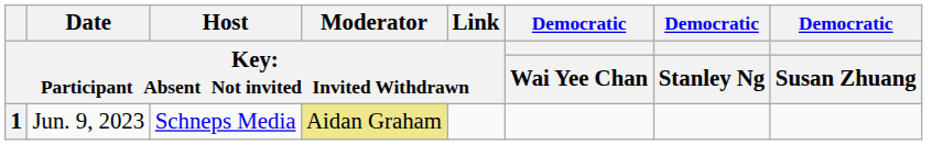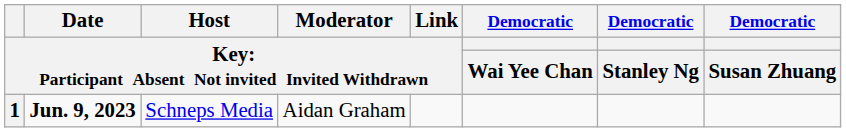 <table class="wikitable" style="text-align:center;">
 <tr>
 <th scope="col"></th>
 <th scope="col">Date</th>
 <th scope="col">Host</th>
 <th scope="col">Moderator</th>
 <th scope="col">Link</th>
 <th scope="col"><small><a href='#'>Democratic</a></small></th>
 <th scope="col"><small><a href='#'>Democratic</a></small></th>
 <th scope="col"><small><a href='#'>Democratic</a></small></th>
 </tr>
 <tr>
 <th colspan="5" rowspan="2">Key:<br> <small>Participant </small>  <small>Absent </small>  <small>Not invited </small>  <small>Invited  Withdrawn</small></th>
 <th scope="col" style="background:"></th>
 <th scope="col" style="background:"></th>
 <th scope="col" style="background:"></th>
 </tr>
 <tr>
 <th scope="col">Wai Yee Chan</th>
 <th scope="col">Stanley Ng</th>
 <th scope="col">Susan Zhuang</th>
 </tr>
 <tr>
 <th>1</th>
-<td style="white-space:nowrap;">Jun. 9, 2023</td>
+<td style="white-space:nowrap;"><strong>Jun. 9, 2023</strong></td>
 <td style="white-space:nowrap;"><a href='#'>Schneps Media</a></td>
-<td style="background: khaki; white-space:nowrap;">Aidan Graham</td>
+<td style="white-space:nowrap;">Aidan Graham</td>
 <td style="white-space:nowrap;"></td>
 <td></td>
 <td></td>
 <td></td>
 </tr>
 </table>
